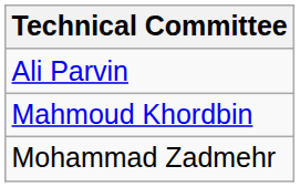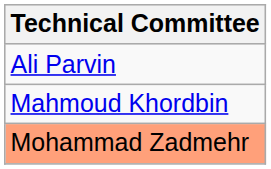 <table class="wikitable" "align: right;">
 <tr>
 <th>Technical Committee</th>
 </tr>
 <tr>
 <td> <a href='#'>Ali Parvin</a></td>
 </tr>
 <tr>
 <td> <a href='#'>Mahmoud Khordbin</a></td>
 </tr>
 <tr>
-<td> Mohammad Zadmehr</td>
+<td style="background: lightsalmon;"> Mohammad Zadmehr</td>
 </tr>
 </table>
